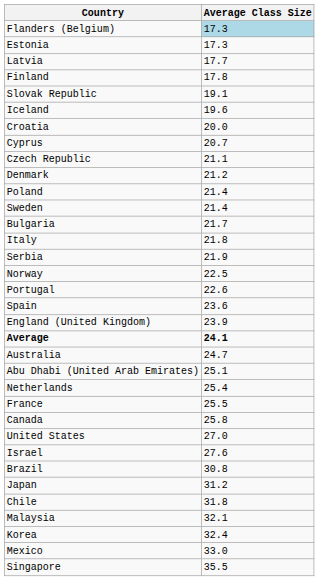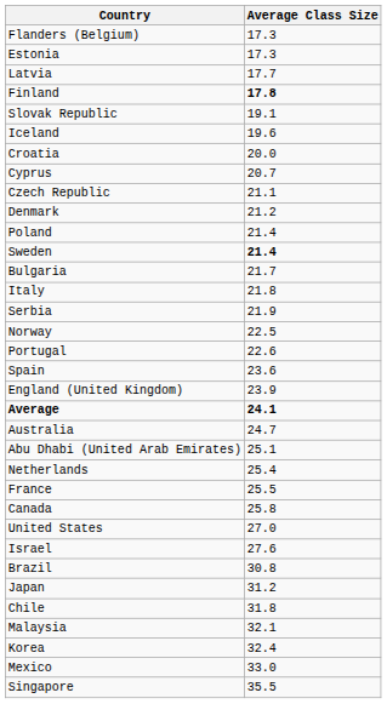 <table class="wikitable sortable">
 <tr>
 <th>Country</th>
 <th>Average Class Size</th>
 </tr>
 <tr>
 <td>Flanders (Belgium)</td>
-<td style="background: lightblue;">17.3</td>
+<td>17.3</td>
 </tr>
 <tr>
 <td>Estonia</td>
 <td>17.3</td>
 </tr>
 <tr>
 <td>Latvia</td>
 <td>17.7</td>
 </tr>
 <tr>
 <td>Finland</td>
-<td>17.8</td>
+<td><strong>17.8</strong></td>
 </tr>
 <tr>
 <td>Slovak Republic</td>
 <td>19.1</td>
 </tr>
 <tr>
 <td>Iceland</td>
 <td>19.6</td>
 </tr>
 <tr>
 <td>Croatia</td>
 <td>20.0</td>
 </tr>
 <tr>
 <td>Cyprus</td>
 <td>20.7</td>
 </tr>
 <tr>
 <td>Czech Republic</td>
 <td>21.1</td>
 </tr>
 <tr>
 <td>Denmark</td>
 <td>21.2</td>
 </tr>
 <tr>
 <td>Poland</td>
 <td>21.4</td>
 </tr>
 <tr>
 <td>Sweden</td>
-<td>21.4</td>
+<td><strong>21.4</strong></td>
 </tr>
 <tr>
 <td>Bulgaria</td>
 <td>21.7</td>
 </tr>
 <tr>
 <td>Italy</td>
 <td>21.8</td>
 </tr>
 <tr>
 <td>Serbia</td>
 <td>21.9</td>
 </tr>
 <tr>
 <td>Norway</td>
 <td>22.5</td>
 </tr>
 <tr>
 <td>Portugal</td>
 <td>22.6</td>
 </tr>
 <tr>
 <td>Spain</td>
 <td>23.6</td>
 </tr>
 <tr>
 <td>England (United Kingdom)</td>
 <td>23.9</td>
 </tr>
 <tr>
 <td><strong>Average</strong></td>
 <td><strong>24.1</strong></td>
 </tr>
 <tr>
 <td>Australia</td>
 <td>24.7</td>
 </tr>
 <tr>
 <td>Abu Dhabi (United Arab Emirates)</td>
 <td>25.1</td>
 </tr>
 <tr>
 <td>Netherlands</td>
 <td>25.4</td>
 </tr>
 <tr>
 <td>France</td>
 <td>25.5</td>
 </tr>
 <tr>
 <td>Canada</td>
 <td>25.8</td>
 </tr>
 <tr>
 <td>United States</td>
 <td>27.0</td>
 </tr>
 <tr>
 <td>Israel</td>
 <td>27.6</td>
 </tr>
 <tr>
 <td>Brazil</td>
 <td>30.8</td>
 </tr>
 <tr>
 <td>Japan</td>
 <td>31.2</td>
 </tr>
 <tr>
 <td>Chile</td>
 <td>31.8</td>
 </tr>
 <tr>
 <td>Malaysia</td>
 <td>32.1</td>
 </tr>
 <tr>
 <td>Korea</td>
 <td>32.4</td>
 </tr>
 <tr>
 <td>Mexico</td>
 <td>33.0</td>
 </tr>
 <tr>
 <td>Singapore</td>
 <td>35.5</td>
 </tr>
 </table>
